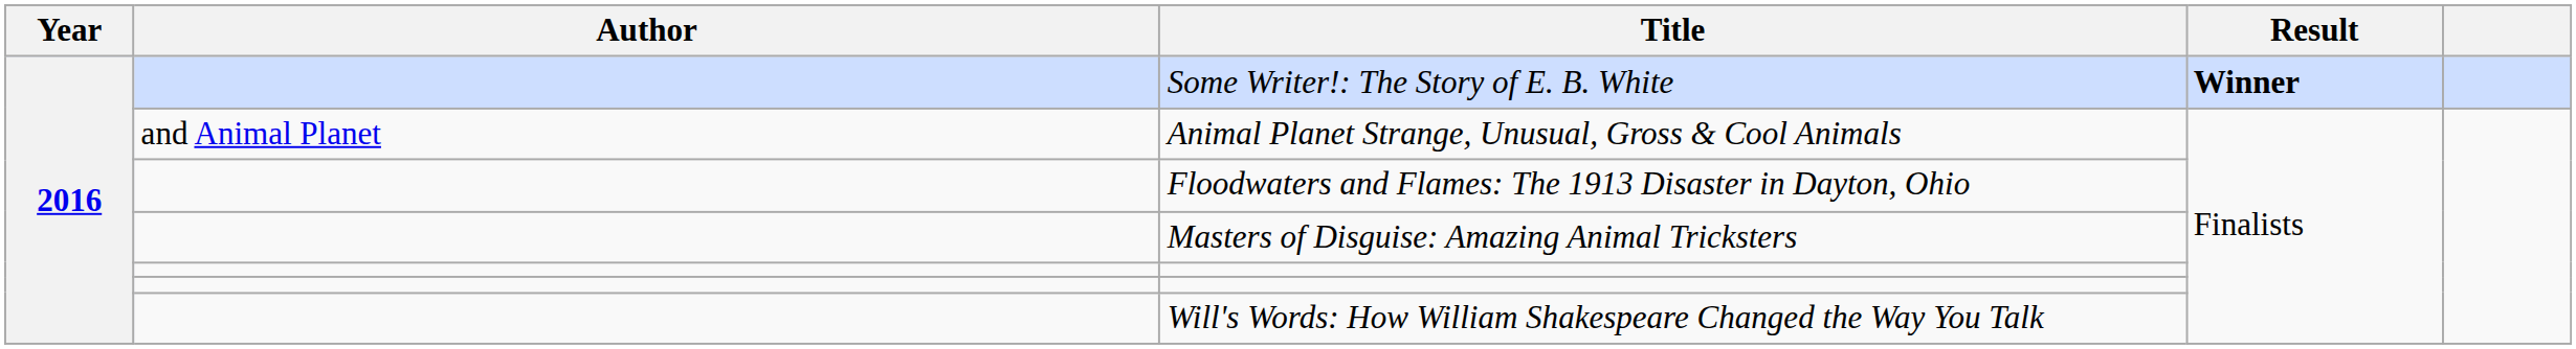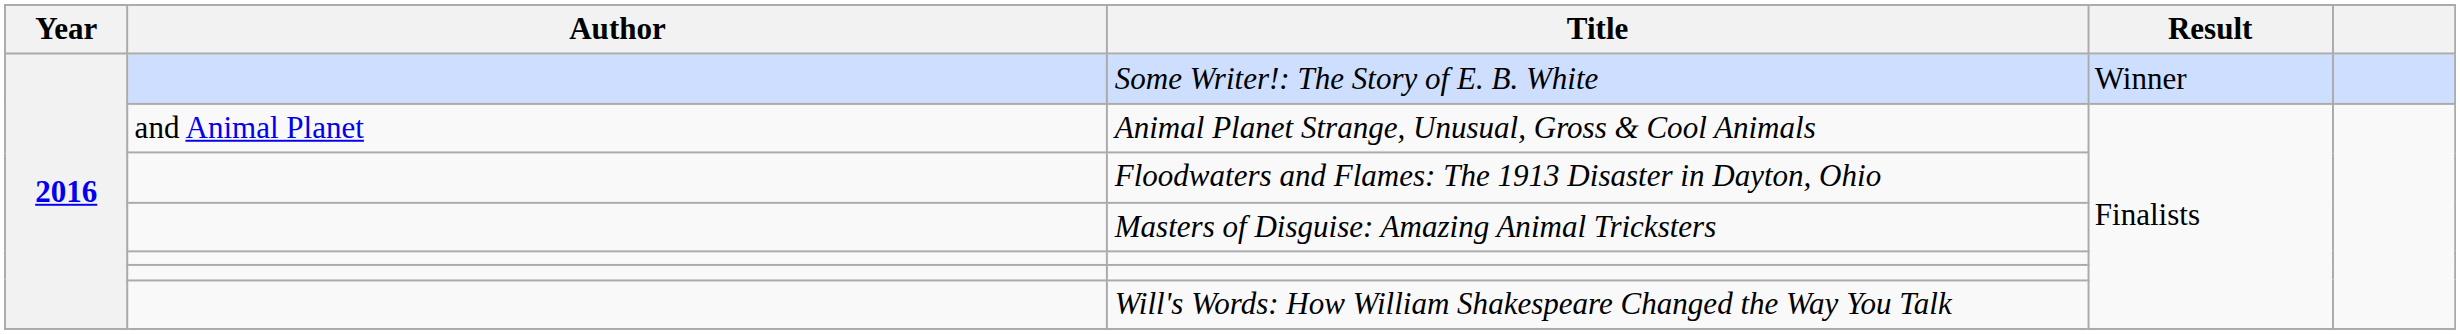 <table class="wikitable sortable mw-collapsible" width="100%">
 <tr>
 <th scope=col width="5%">Year</th>
 <th scope=col width="40%">Author</th>
 <th scope=col width="40%">Title</th>
 <th scope=col width="10%">Result</th>
 <th scope=col width="5%" class="unsortable"></th>
 </tr>
 <tr style="background:#cddeff">
 <th scope=row rowspan="7"><a href='#'>2016</a></th>
 <td></td>
 <td><em>Some Writer!: The Story of E. B. White</em></td>
-<td><strong>Winner</strong></td>
+<td>Winner</td>
 <td></td>
 </tr>
 <tr>
 <td> and <a href='#'>Animal Planet</a></td>
 <td><em>Animal Planet Strange, Unusual, Gross & Cool Animals</em></td>
 <td rowspan="6">Finalists</td>
 <td rowspan="6"></td>
 </tr>
 <tr>
 <td></td>
 <td><em>Floodwaters and Flames: The 1913 Disaster in Dayton, Ohio</em></td>
 </tr>
 <tr>
 <td></td>
 <td><em>Masters of Disguise: Amazing Animal Tricksters</em></td>
 </tr>
 <tr>
 <td></td>
 <td></td>
 </tr>
 <tr>
 <td></td>
 <td></td>
 </tr>
 <tr>
 <td></td>
 <td><em>Will's Words: How William Shakespeare Changed the Way You Talk</em></td>
 </tr>
 </table>
